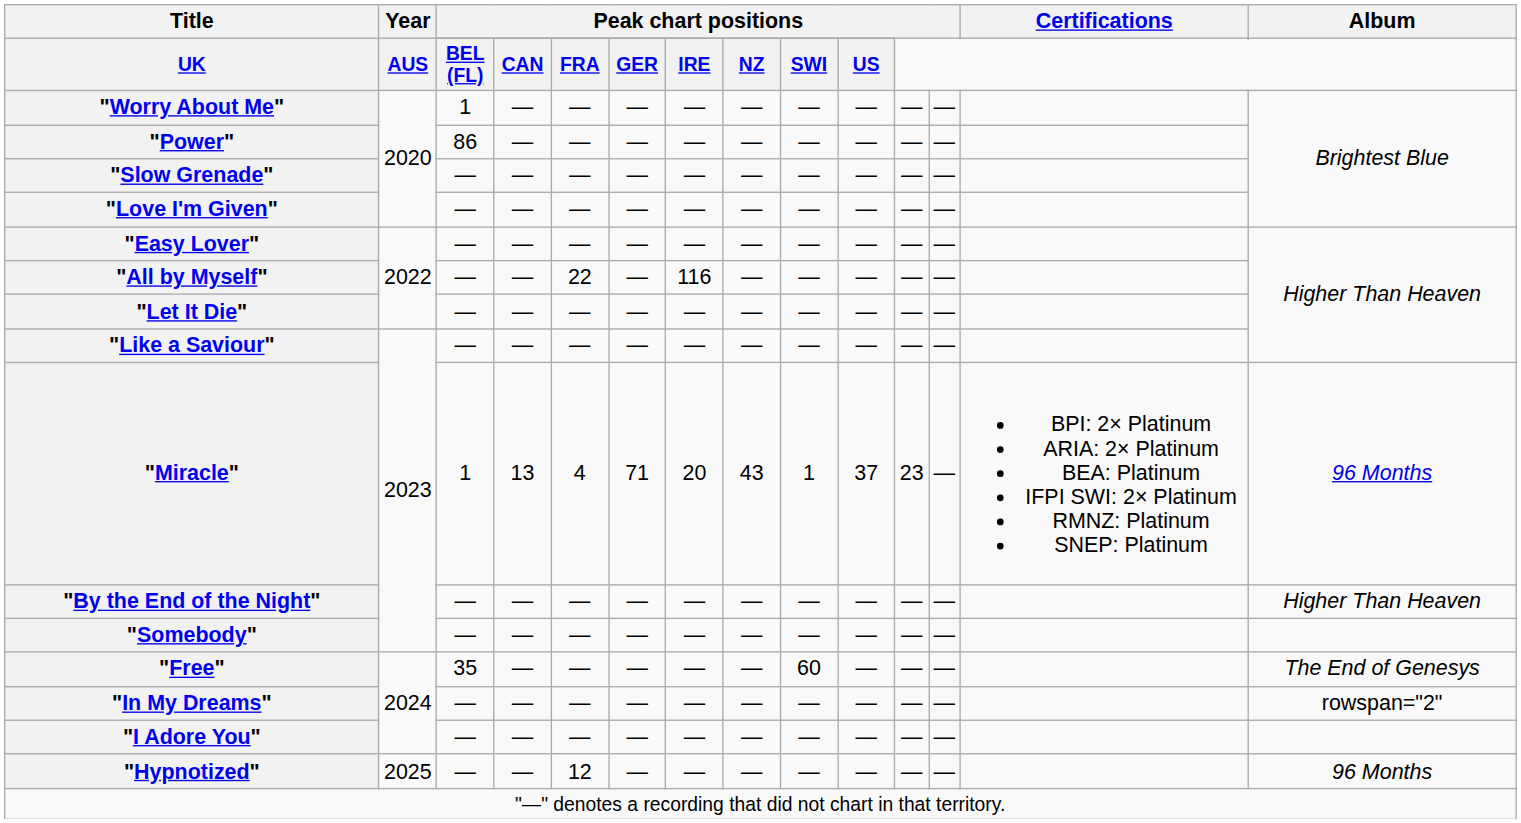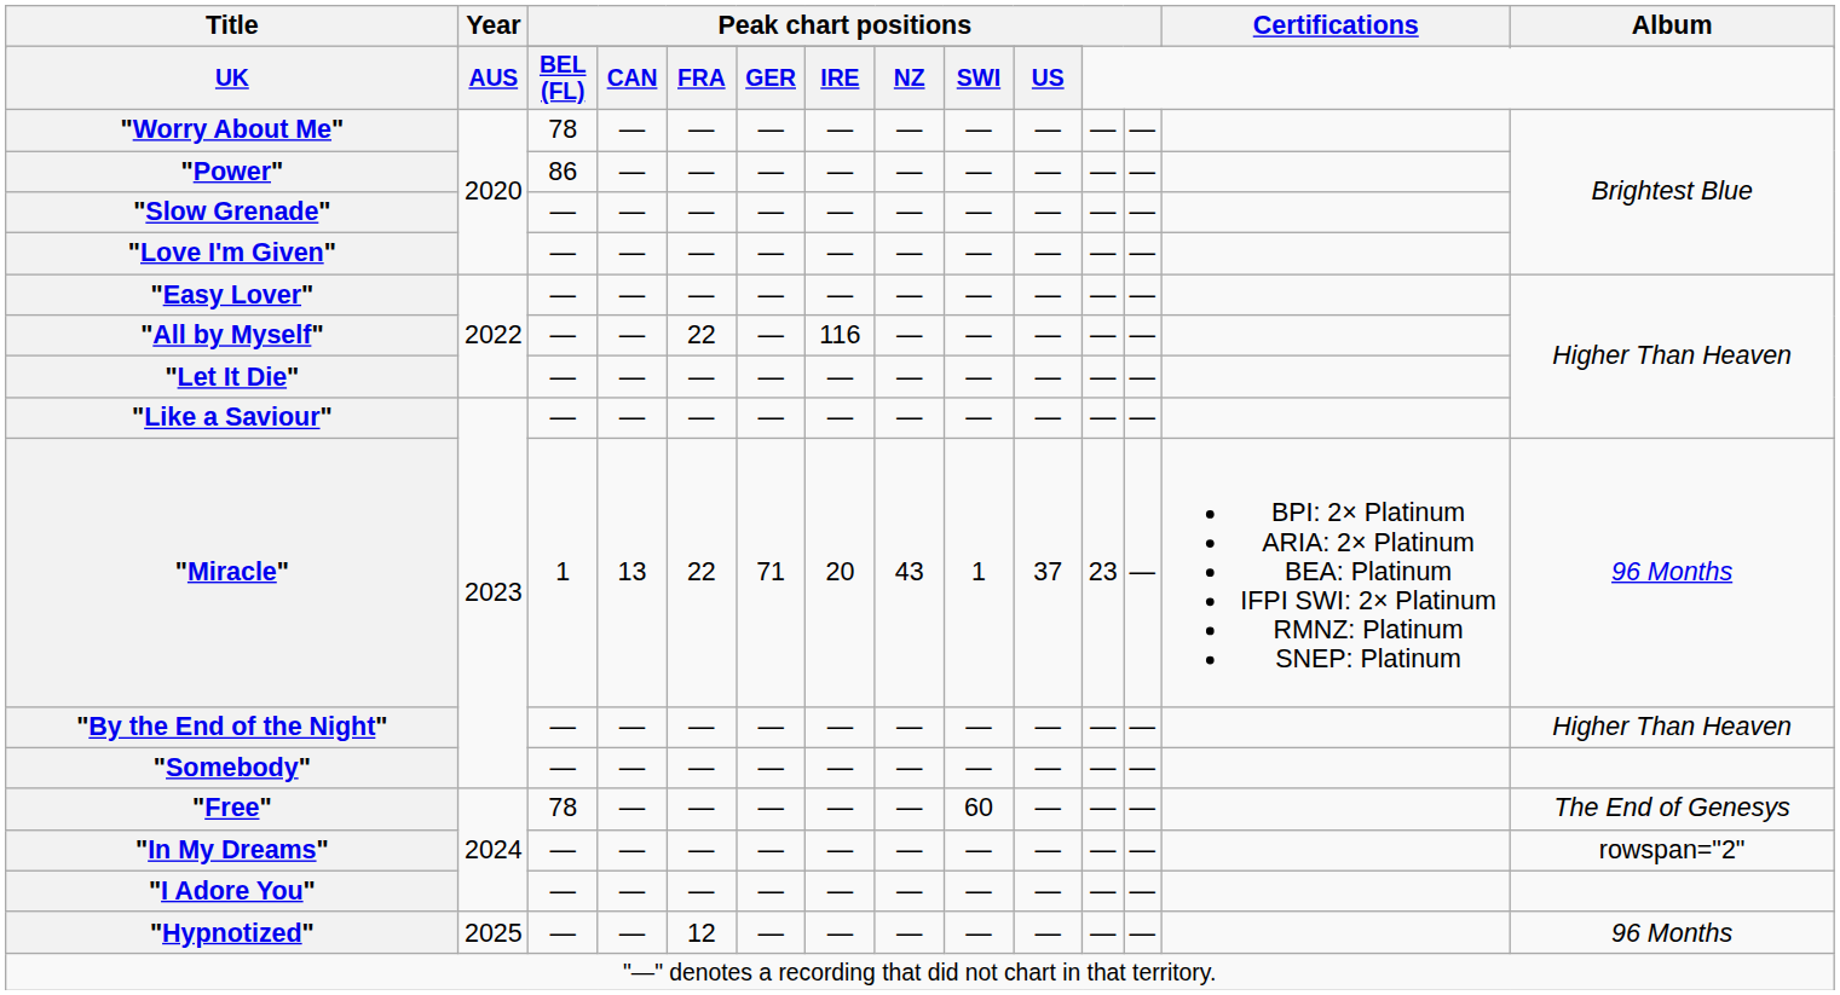 <table class="wikitable plainrowheaders" style="text-align:center;">
 <tr>
 <th scope="col" rowspan="2" style="width:17em;">Title</th>
 <th scope="col" rowspan="2" style="width:1em;">Year</th>
 <th scope="col" colspan="10">Peak chart positions</th>
 <th scope="col" rowspan="2" style="width:13em;"><a href='#'>Certifications</a></th>
 <th scope="col" rowspan="2" style="width:12em;">Album</th>
 </tr>
 <tr>
 </tr>
 <tr>
 <th scope="col" style="width:2.5em;font-size:90%;"><a href='#'>UK</a><br></th>
 <th scope="col" style="width:2.5em;font-size:90%;"><a href='#'>AUS</a><br></th>
 <th scope="col" style="width:2.5em;font-size:90%;"><a href='#'>BEL<br>(FL)</a><br></th>
 <th scope="col" style="width:2.5em;font-size:90%;"><a href='#'>CAN</a><br></th>
 <th scope="col" style="width:2.5em;font-size:90%;"><a href='#'>FRA</a><br></th>
 <th scope="col" style="width:2.5em;font-size:90%;"><a href='#'>GER</a><br></th>
 <th scope="col" style="width:2.5em;font-size:90%;"><a href='#'>IRE</a><br></th>
 <th scope="col" style="width:2.5em;font-size:90%;"><a href='#'>NZ</a><br></th>
 <th scope="col" style="width:2.5em;font-size:90%;"><a href='#'>SWI</a><br></th>
 <th scope="col" style="width:2.5em;font-size:90%;"><a href='#'>US</a><br></th>
 </tr>
 <tr>
 <th scope="row">"<a href='#'>Worry About Me</a>"<br></th>
 <td rowspan="4">2020</td>
-<td>1</td>
+<td>78</td>
 <td>—</td>
 <td>—</td>
 <td>—</td>
 <td>—</td>
 <td>—</td>
 <td>—</td>
 <td>—</td>
 <td>—</td>
 <td>—</td>
 <td></td>
 <td rowspan="4"><em>Brightest Blue</em></td>
 </tr>
 <tr>
 <th scope="row">"<a href='#'>Power</a>"</th>
 <td>86</td>
 <td>—</td>
 <td>—</td>
 <td>—</td>
 <td>—</td>
 <td>—</td>
 <td>—</td>
 <td>—</td>
 <td>—</td>
 <td>—</td>
 <td></td>
 </tr>
 <tr>
 <th scope="row">"<a href='#'>Slow Grenade</a>"<br></th>
 <td>—</td>
 <td>—</td>
 <td>—</td>
 <td>—</td>
 <td>—</td>
 <td>—</td>
 <td>—</td>
 <td>—</td>
 <td>—</td>
 <td>—</td>
 <td></td>
 </tr>
 <tr>
 <th scope="row">"<a href='#'>Love I'm Given</a>"</th>
 <td>—</td>
 <td>—</td>
 <td>—</td>
 <td>—</td>
 <td>—</td>
 <td>—</td>
 <td>—</td>
 <td>—</td>
 <td>—</td>
 <td>—</td>
 <td></td>
 </tr>
 <tr>
 <th scope="row">"<a href='#'>Easy Lover</a>"<br></th>
 <td rowspan="3">2022</td>
 <td>—</td>
 <td>—</td>
 <td>—</td>
 <td>—</td>
 <td>—</td>
 <td>—</td>
 <td>—</td>
 <td>—</td>
 <td>—</td>
 <td>—</td>
 <td></td>
 <td rowspan="4"><em>Higher Than Heaven</em></td>
 </tr>
 <tr>
 <th scope="row">"<a href='#'>All by Myself</a>"<br></th>
 <td>—</td>
 <td>—</td>
 <td>22</td>
 <td>—</td>
 <td>116</td>
 <td>—</td>
 <td>—</td>
 <td>—</td>
 <td>—</td>
 <td>—</td>
 <td></td>
 </tr>
 <tr>
 <th scope="row">"<a href='#'>Let It Die</a>"</th>
 <td>—</td>
 <td>—</td>
 <td>—</td>
 <td>—</td>
 <td>—</td>
 <td>—</td>
 <td>—</td>
 <td>—</td>
 <td>—</td>
 <td>—</td>
 <td></td>
 </tr>
 <tr>
 <th scope="row">"<a href='#'>Like a Saviour</a>"</th>
 <td rowspan="4">2023</td>
 <td>—</td>
 <td>—</td>
 <td>—</td>
 <td>—</td>
 <td>—</td>
 <td>—</td>
 <td>—</td>
 <td>—</td>
 <td>—</td>
 <td>—</td>
 <td></td>
 </tr>
 <tr>
 <th scope="row">"<a href='#'>Miracle</a>"<br></th>
 <td>1</td>
 <td>13</td>
-<td>4</td>
+<td>22</td>
 <td>71</td>
 <td>20</td>
 <td>43</td>
 <td>1</td>
 <td>37</td>
 <td>23</td>
 <td>—</td>
 <td><br><ul><li>BPI: 2× Platinum</li><li>ARIA: 2× Platinum</li><li>BEA: Platinum</li><li>IFPI SWI: 2× Platinum</li><li>RMNZ: Platinum</li><li>SNEP: Platinum</li></ul></td>
 <td><em><a href='#'>96 Months</a></em></td>
 </tr>
 <tr>
 <th scope="row">"<a href='#'>By the End of the Night</a>"</th>
 <td>—</td>
 <td>—</td>
 <td>—</td>
 <td>—</td>
 <td>—</td>
 <td>—</td>
 <td>—</td>
 <td>—</td>
 <td>—</td>
 <td>—</td>
 <td></td>
 <td><em>Higher Than Heaven</em></td>
 </tr>
 <tr>
 <th scope="row">"<a href='#'>Somebody</a>"<br></th>
 <td>—</td>
 <td>—</td>
 <td>—</td>
 <td>—</td>
 <td>—</td>
 <td>—</td>
 <td>—</td>
 <td>—</td>
 <td>—</td>
 <td>—</td>
 <td></td>
 <td></td>
 </tr>
 <tr>
 <th scope="row">"<a href='#'>Free</a>"<br></th>
 <td rowspan="3">2024</td>
-<td>35</td>
+<td>78</td>
 <td>—</td>
 <td>—</td>
 <td>—</td>
 <td>—</td>
 <td>—</td>
 <td>60<br></td>
 <td>—</td>
 <td>—</td>
 <td>—</td>
 <td></td>
 <td><em>The End of Genesys</em></td>
 </tr>
 <tr>
 <th scope="row">"<a href='#'>In My Dreams</a>"<br></th>
 <td>—</td>
 <td>—</td>
 <td>—</td>
 <td>—</td>
 <td>—</td>
 <td>—</td>
 <td>—</td>
 <td>—</td>
 <td>—</td>
 <td>—</td>
 <td></td>
 <td>rowspan="2" </td>
 </tr>
 <tr>
 <th scope="row">"<a href='#'>I Adore You</a>"<br></th>
 <td>—</td>
 <td>—</td>
 <td>—</td>
 <td>—</td>
 <td>—</td>
 <td>—</td>
 <td>—</td>
 <td>—</td>
 <td>—</td>
 <td>—</td>
 <td></td>
 </tr>
 <tr>
 <th scope="row">"<a href='#'>Hypnotized</a>"<br></th>
 <td>2025</td>
 <td>—</td>
 <td>—</td>
 <td>12</td>
 <td>—</td>
 <td>—</td>
 <td>—</td>
 <td>—</td>
 <td>—</td>
 <td>—</td>
 <td>—</td>
 <td></td>
 <td><em>96 Months</em></td>
 </tr>
 <tr>
 <td colspan="15" style="font-size:90%">"—" denotes a recording that did not chart in that territory.</td>
 </tr>
 </table>
